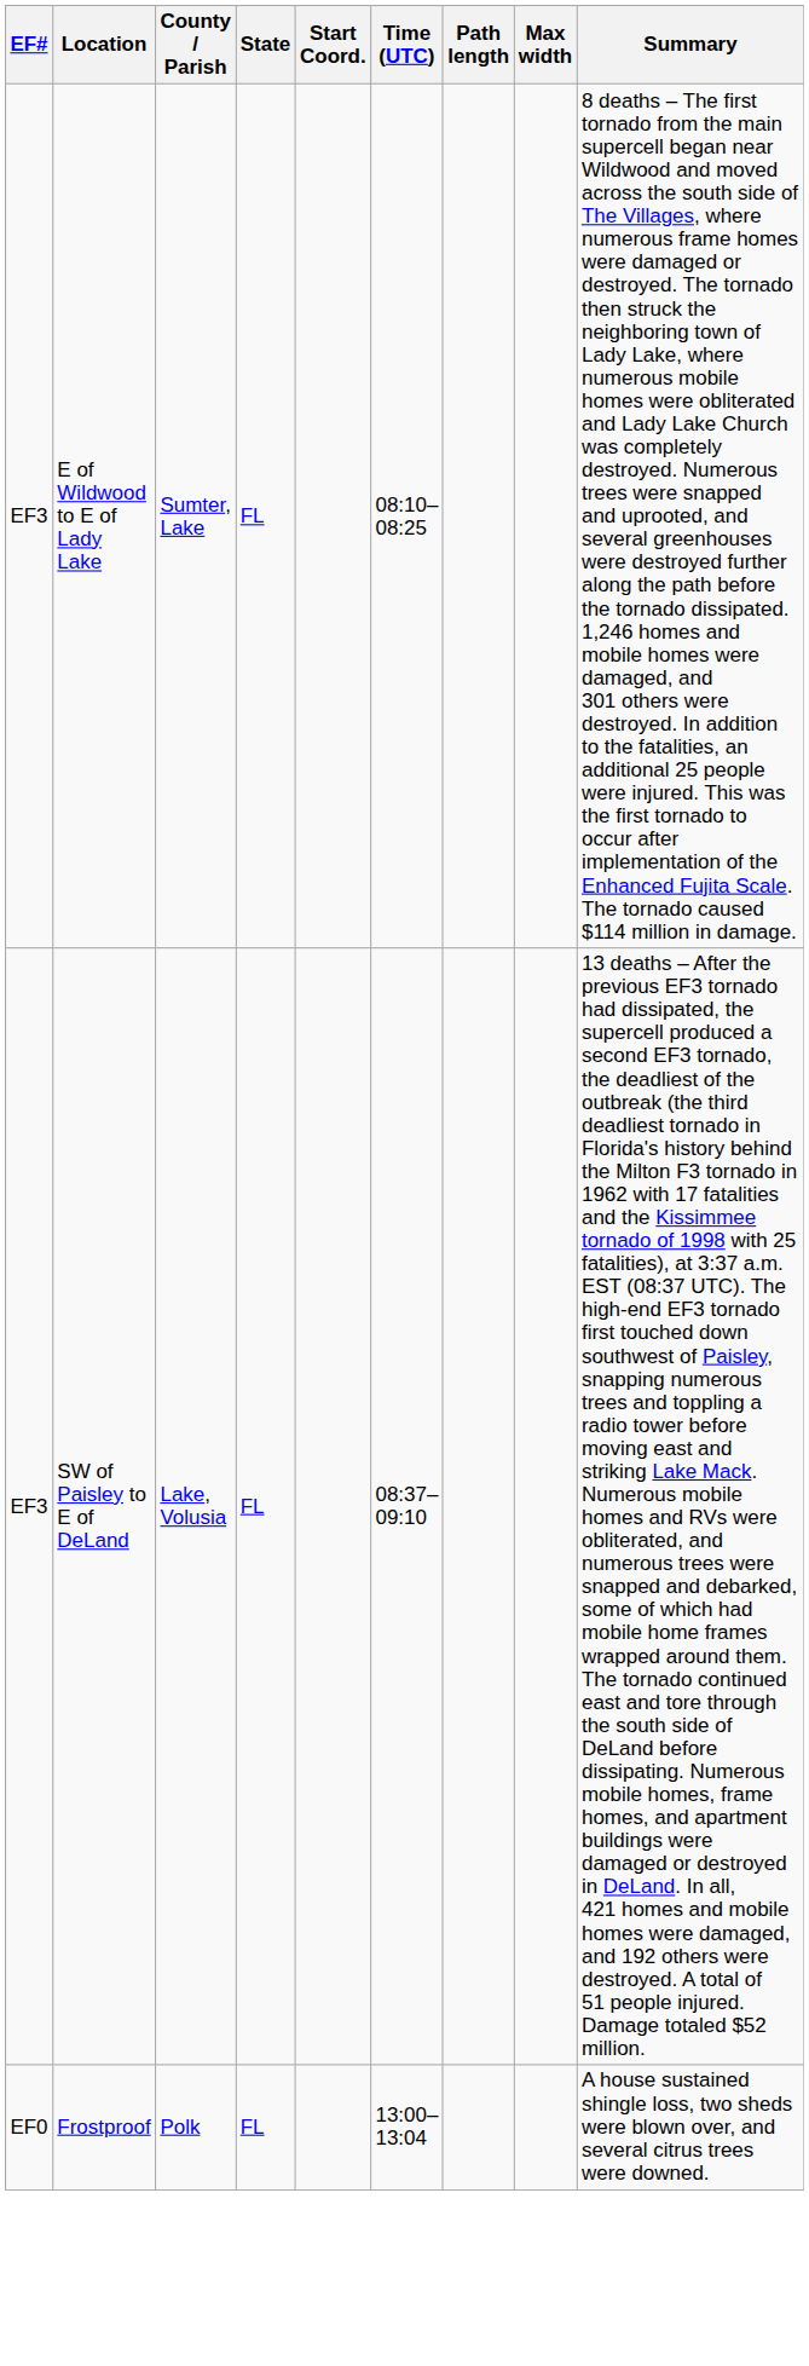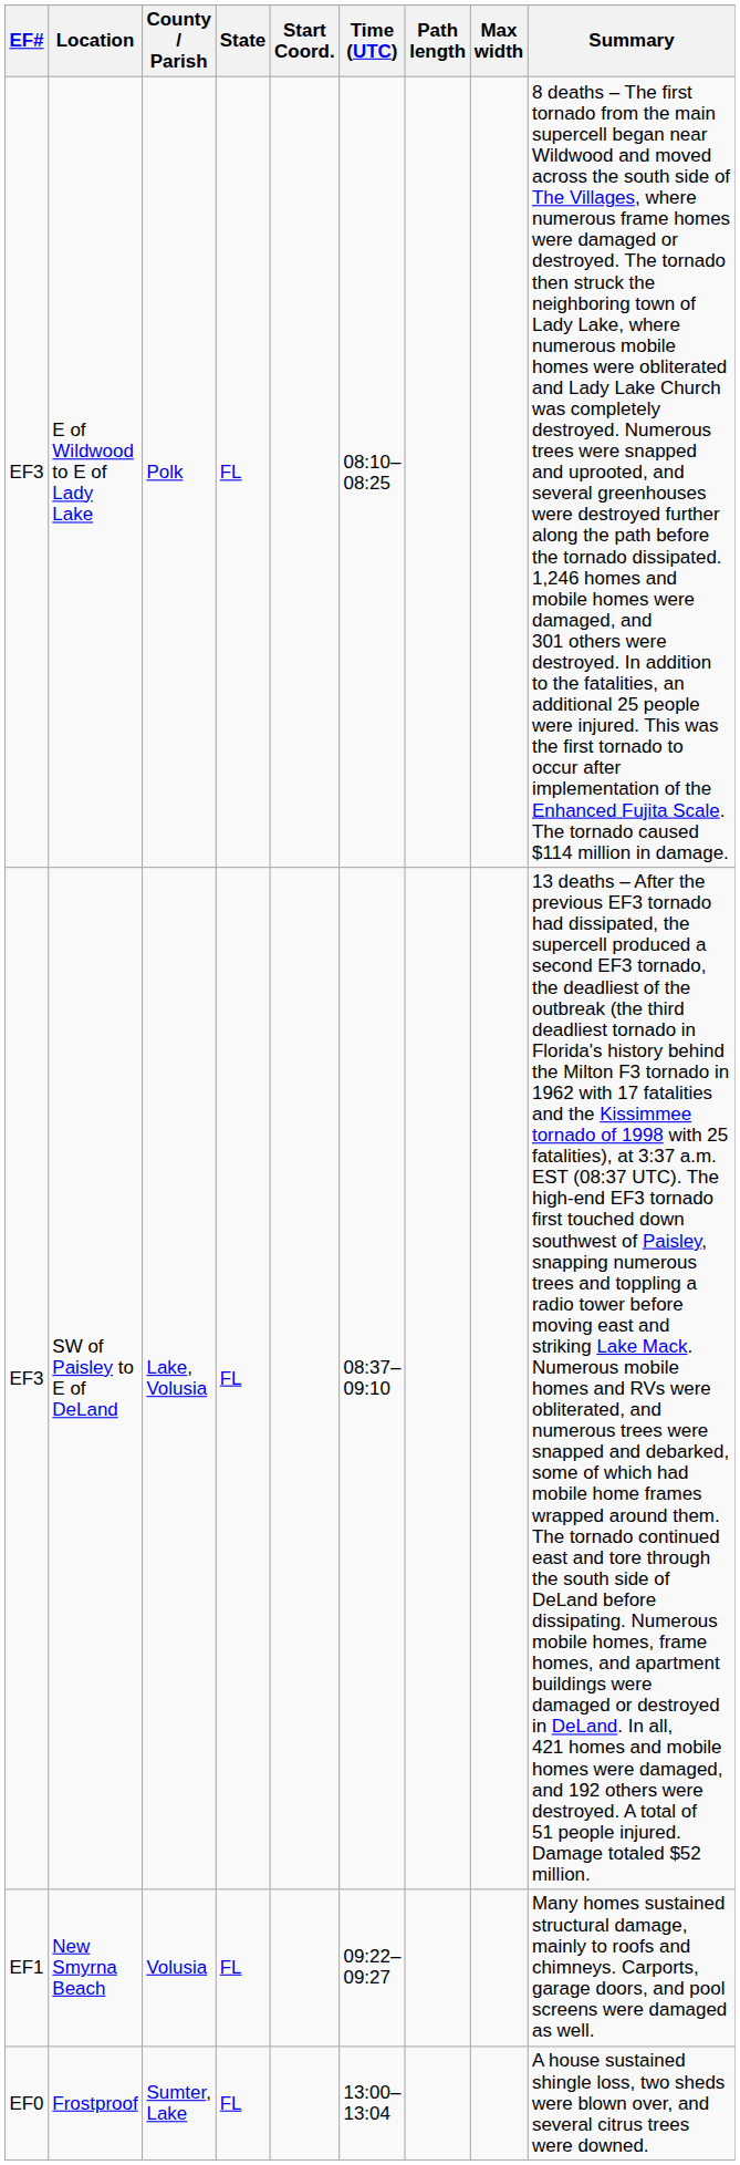 <table class="wikitable sortable" style="width:100%;">
 <tr>
 <th scope="col"  style="width:3%; text-align:center;"><a href='#'>EF#</a></th>
 <th scope="col"  style="width:7%; text-align:center;" class="unsortable">Location</th>
 <th scope="col"  style="width:6%; text-align:center;" class="unsortable">County / Parish</th>
 <th scope="col"  style="width:3%; text-align:center;">State</th>
 <th scope="col"  style="width:6%; text-align:center;">Start Coord.</th>
 <th scope="col"  style="width:5%; text-align:center;">Time (<a href='#'>UTC</a>)</th>
 <th scope="col"  style="width:6%; text-align:center;">Path length</th>
 <th scope="col"  style="width:6%; text-align:center;">Max width</th>
 <th scope="col" class="unsortable" style="width:48%; text-align:center;">Summary</th>
 </tr>
 <tr>
 <td>EF3</td>
 <td>E of <a href='#'>Wildwood</a> to E of <a href='#'>Lady Lake</a></td>
-<td><a href='#'>Sumter</a>, <a href='#'>Lake</a></td>
+<td><a href='#'>Polk</a></td>
 <td><a href='#'>FL</a></td>
 <td></td>
 <td>08:10–08:25</td>
 <td></td>
 <td></td>
 <td>8 deaths – The first tornado from the main supercell began near Wildwood and moved across the south side of <a href='#'>The Villages</a>, where numerous frame homes were damaged or destroyed. The tornado then struck the neighboring town of Lady Lake, where numerous mobile homes were obliterated and Lady Lake Church was completely destroyed. Numerous trees were snapped and uprooted, and several greenhouses were destroyed further along the path before the tornado dissipated. 1,246 homes and mobile homes were damaged, and 301 others were destroyed. In addition to the fatalities, an additional 25 people were injured. This was the first tornado to occur after implementation of the <a href='#'>Enhanced Fujita Scale</a>. The tornado caused $114 million in damage.</td>
 </tr>
 <tr>
 <td>EF3</td>
 <td>SW of <a href='#'>Paisley</a> to E of <a href='#'>DeLand</a></td>
 <td><a href='#'>Lake</a>, <a href='#'>Volusia</a></td>
 <td><a href='#'>FL</a></td>
 <td></td>
 <td>08:37–09:10</td>
 <td></td>
 <td></td>
 <td>13 deaths – After the previous EF3 tornado had dissipated, the supercell produced a second EF3 tornado, the deadliest of the outbreak (the third deadliest tornado in Florida's history behind the Milton F3 tornado in 1962 with 17 fatalities and the <a href='#'>Kissimmee tornado of 1998</a> with 25 fatalities), at 3:37 a.m. EST (08:37 UTC). The high-end EF3 tornado first touched down southwest of <a href='#'>Paisley</a>, snapping numerous trees and toppling a radio tower before moving east and striking <a href='#'>Lake Mack</a>. Numerous mobile homes and RVs were obliterated, and numerous trees were snapped and debarked, some of which had mobile home frames wrapped around them. The tornado continued east and tore through the south side of DeLand before dissipating. Numerous mobile homes, frame homes, and apartment buildings were damaged or destroyed in <a href='#'>DeLand</a>. In all, 421 homes and mobile homes were damaged, and 192 others were destroyed. A total of 51 people injured. Damage totaled $52 million.</td>
 </tr>
 <tr>
+<td>EF1</td>
+<td><a href='#'>New Smyrna Beach</a></td>
+<td><a href='#'>Volusia</a></td>
+<td><a href='#'>FL</a></td>
+<td></td>
+<td>09:22–09:27</td>
+<td></td>
+<td></td>
+<td>Many homes sustained structural damage, mainly to roofs and chimneys. Carports, garage doors, and pool screens were damaged as well.</td>
+</tr>
+<tr>
 <td>EF0</td>
 <td><a href='#'>Frostproof</a></td>
-<td><a href='#'>Polk</a></td>
+<td><a href='#'>Sumter</a>, <a href='#'>Lake</a></td>
 <td><a href='#'>FL</a></td>
 <td></td>
 <td>13:00–13:04</td>
 <td></td>
 <td></td>
 <td>A house sustained shingle loss, two sheds were blown over, and several citrus trees were downed.</td>
 </tr>
 <tr>
 </tr>
 </table>
